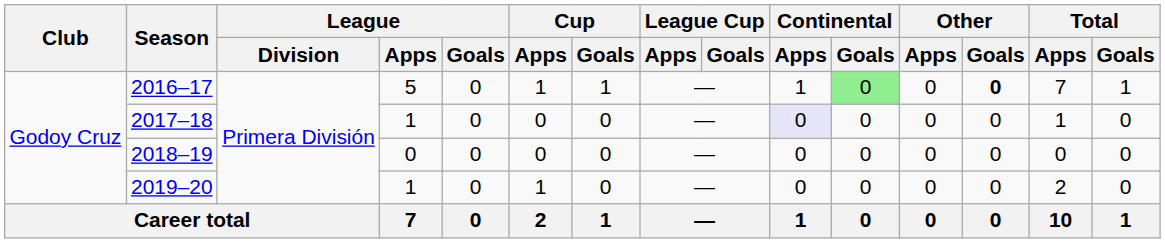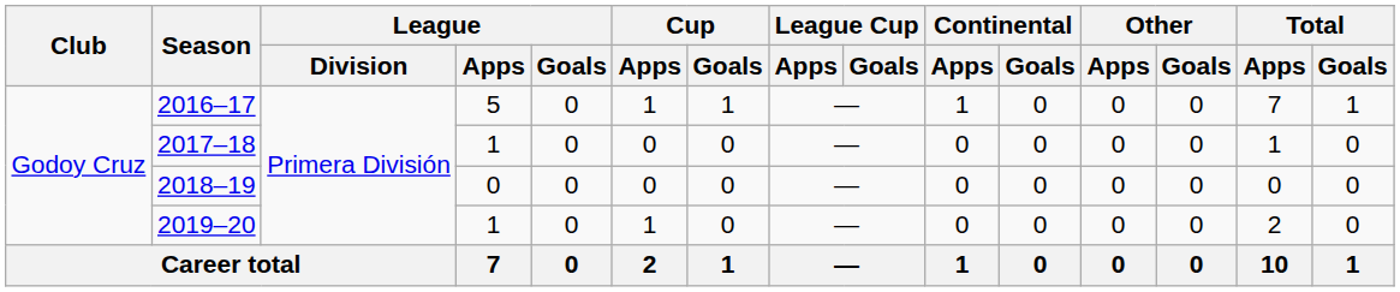 <table class="wikitable" style="text-align:center">
 <tr>
 <th rowspan="2">Club</th>
 <th rowspan="2">Season</th>
 <th colspan="3">League</th>
 <th colspan="2">Cup</th>
 <th colspan="2">League Cup</th>
 <th colspan="2">Continental</th>
 <th colspan="2">Other</th>
 <th colspan="2">Total</th>
 </tr>
 <tr>
 <th>Division</th>
 <th>Apps</th>
 <th>Goals</th>
 <th>Apps</th>
 <th>Goals</th>
 <th>Apps</th>
 <th>Goals</th>
 <th>Apps</th>
 <th>Goals</th>
 <th>Apps</th>
 <th>Goals</th>
 <th>Apps</th>
 <th>Goals</th>
 </tr>
 <tr>
 <td rowspan="4"><a href='#'>Godoy Cruz</a></td>
 <td><a href='#'>2016–17</a></td>
 <td rowspan="4"><a href='#'>Primera División</a></td>
 <td>5</td>
 <td>0</td>
 <td>1</td>
 <td>1</td>
 <td colspan="2">—</td>
 <td>1</td>
-<td style="background: lightgreen;">0</td>
 <td>0</td>
-<td><strong>0</strong></td>
+<td>0</td>
+<td>0</td>
 <td>7</td>
 <td>1</td>
 </tr>
 <tr>
 <td><a href='#'>2017–18</a></td>
 <td>1</td>
 <td>0</td>
 <td>0</td>
 <td>0</td>
 <td colspan="2">—</td>
-<td style="background: lavender;">0</td>
+<td>0</td>
 <td>0</td>
 <td>0</td>
 <td>0</td>
 <td>1</td>
 <td>0</td>
 </tr>
 <tr>
 <td><a href='#'>2018–19</a></td>
 <td>0</td>
 <td>0</td>
 <td>0</td>
 <td>0</td>
 <td colspan="2">—</td>
 <td>0</td>
 <td>0</td>
 <td>0</td>
 <td>0</td>
 <td>0</td>
 <td>0 </td>
 </tr>
 <tr>
 <td><a href='#'>2019–20</a></td>
 <td>1</td>
 <td>0</td>
 <td>1</td>
 <td>0</td>
 <td colspan="2">—</td>
 <td>0</td>
 <td>0</td>
 <td>0</td>
 <td>0</td>
 <td>2</td>
 <td>0</td>
 </tr>
 <tr>
 <th colspan="3">Career total</th>
 <th>7</th>
 <th>0</th>
 <th>2</th>
 <th>1</th>
 <th colspan="2">—</th>
 <th>1</th>
 <th>0</th>
 <th>0</th>
 <th>0</th>
 <th>10</th>
 <th>1</th>
 </tr>
 </table>
